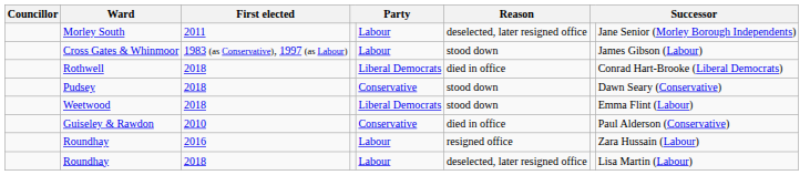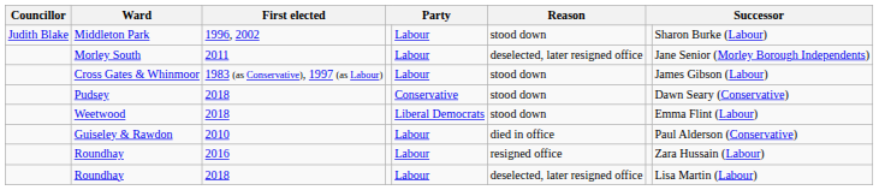 <table class="wikitable sortable" style="font-size:95%;">
 <tr>
 <th scope="col">Councillor</th>
 <th scope="col">Ward</th>
 <th scope="col">First elected</th>
 <th colspan="2" scope="col">Party</th>
 <th scope="col">Reason</th>
 <th colspan="2" scope="col">Successor</th>
+</tr>
+<tr>
+<td><a href='#'>Judith Blake</a><br></td>
+<td><a href='#'>Middleton Park</a></td>
+<td><a href='#'>1996</a>, <a href='#'>2002</a></td>
+<td width="1" style="color:inherit;background:"></td>
+<td><a href='#'>Labour</a></td>
+<td>stood down</td>
+<td width="1" style="color:inherit;background:"></td>
+<td>Sharon Burke (<a href='#'>Labour</a>)</td>
 </tr>
 <tr>
 <td></td>
 <td><a href='#'>Morley South</a></td>
 <td><a href='#'>2011</a></td>
 <td width="1" style="color:inherit;background:"></td>
 <td><a href='#'>Labour</a></td>
 <td>deselected, later resigned office</td>
 <td width="1" style="color:inherit;background:"></td>
 <td>Jane Senior (<a href='#'>Morley Borough Independents</a>)</td>
 </tr>
 <tr>
 <td></td>
 <td><a href='#'>Cross Gates & Whinmoor</a></td>
 <td><a href='#'>1983</a> <small>(as <a href='#'>Conservative</a>)</small>, <a href='#'>1997</a> <small>(as <a href='#'>Labour</a>)</small></td>
 <td width="1" style="color:inherit;background:"></td>
 <td><a href='#'>Labour</a></td>
 <td>stood down</td>
 <td width="1" style="color:inherit;background:"></td>
 <td>James Gibson (<a href='#'>Labour</a>)</td>
-</tr>
-<tr>
-<td></td>
-<td><a href='#'>Rothwell</a></td>
-<td><a href='#'>2018</a></td>
-<td width="1" style="color:inherit;background:"></td>
-<td><a href='#'>Liberal Democrats</a></td>
-<td>died in office</td>
-<td width="1" style="color:inherit;background:"></td>
-<td>Conrad Hart-Brooke (<a href='#'>Liberal Democrats</a>)</td>
 </tr>
 <tr>
 <td></td>
 <td><a href='#'>Pudsey</a></td>
 <td><a href='#'>2018</a></td>
 <td width="1" style="color:inherit;background:"></td>
 <td><a href='#'>Conservative</a></td>
 <td>stood down</td>
 <td width="1" style="color:inherit;background:"></td>
 <td>Dawn Seary (<a href='#'>Conservative</a>)</td>
 </tr>
 <tr>
 <td></td>
 <td><a href='#'>Weetwood</a></td>
 <td><a href='#'>2018</a></td>
 <td width="1" style="color:inherit;background:"></td>
 <td><a href='#'>Liberal Democrats</a></td>
 <td>stood down</td>
 <td width="1" style="color:inherit;background:"></td>
 <td>Emma Flint (<a href='#'>Labour</a>)</td>
 </tr>
 <tr>
 <td><br></td>
 <td><a href='#'>Guiseley & Rawdon</a></td>
 <td><a href='#'>2010</a></td>
 <td width="1" style="color:inherit;background:"></td>
-<td><a href='#'>Conservative</a></td>
+<td><a href='#'>Labour</a></td>
 <td>died in office</td>
 <td width="1" style="color:inherit;background:"></td>
 <td>Paul Alderson (<a href='#'>Conservative</a>)</td>
 </tr>
 <tr>
 <td></td>
 <td><a href='#'>Roundhay</a></td>
 <td><a href='#'>2016</a></td>
 <td width="1" style="color:inherit;background:"></td>
 <td><a href='#'>Labour</a></td>
 <td>resigned office</td>
 <td width="1" style="color:inherit;background:"></td>
 <td>Zara Hussain (<a href='#'>Labour</a>)</td>
 </tr>
 <tr>
 <td></td>
 <td><a href='#'>Roundhay</a></td>
 <td><a href='#'>2018</a></td>
 <td width="1" style="color:inherit;background:"></td>
 <td><a href='#'>Labour</a></td>
 <td>deselected, later resigned office</td>
 <td width="1" style="color:inherit;background:"></td>
 <td>Lisa Martin (<a href='#'>Labour</a>)</td>
 </tr>
 </table>
